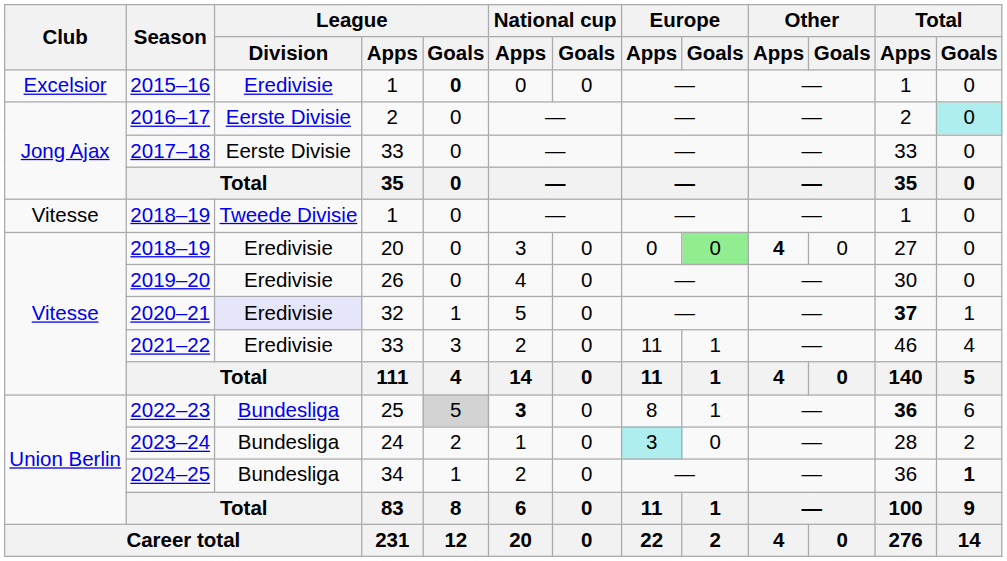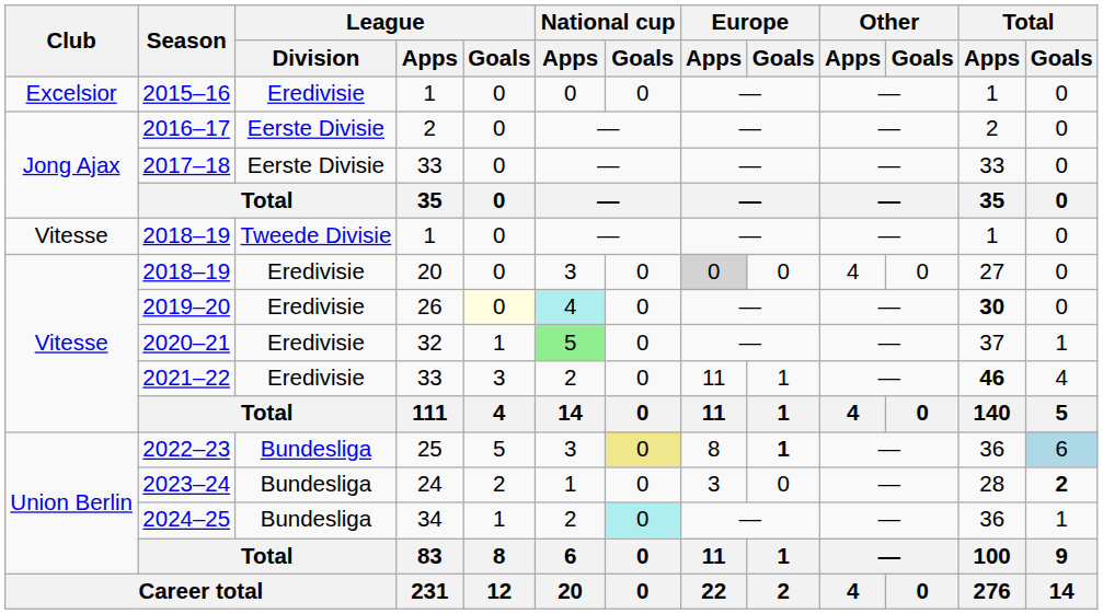 <table class="wikitable" style="text-align:center">
 <tr>
 <th rowspan="2">Club</th>
 <th rowspan="2">Season</th>
 <th colspan="3">League</th>
 <th colspan="2">National cup</th>
 <th colspan="2">Europe</th>
 <th colspan="2">Other</th>
 <th colspan="2">Total</th>
 </tr>
 <tr>
 <th>Division</th>
 <th>Apps</th>
 <th>Goals</th>
 <th>Apps</th>
 <th>Goals</th>
 <th>Apps</th>
 <th>Goals</th>
 <th>Apps</th>
 <th>Goals</th>
 <th>Apps</th>
 <th>Goals</th>
 </tr>
 <tr>
 <td><a href='#'>Excelsior</a></td>
 <td><a href='#'>2015–16</a></td>
 <td><a href='#'>Eredivisie</a></td>
 <td>1</td>
-<td><strong>0</strong></td>
+<td>0</td>
 <td>0</td>
 <td>0</td>
 <td colspan="2">—</td>
 <td colspan="2">—</td>
 <td>1</td>
 <td>0</td>
 </tr>
 <tr>
 <td rowspan="3"><a href='#'>Jong Ajax</a></td>
 <td><a href='#'>2016–17</a></td>
 <td><a href='#'>Eerste Divisie</a></td>
 <td>2</td>
 <td>0</td>
 <td colspan="2">—</td>
 <td colspan="2">—</td>
 <td colspan="2">—</td>
 <td>2</td>
-<td style="background: paleturquoise;">0</td>
+<td>0</td>
 </tr>
 <tr>
 <td><a href='#'>2017–18</a></td>
 <td>Eerste Divisie</td>
 <td>33</td>
 <td>0</td>
 <td colspan="2">—</td>
 <td colspan="2">—</td>
 <td colspan="2">—</td>
 <td>33</td>
 <td>0</td>
 </tr>
 <tr>
 <th colspan="2">Total</th>
 <th>35</th>
 <th>0</th>
 <th colspan="2">—</th>
 <th colspan="2">—</th>
 <th colspan="2">—</th>
 <th>35</th>
 <th>0</th>
 </tr>
 <tr>
 <td>Vitesse</td>
 <td><a href='#'>2018–19</a></td>
 <td><a href='#'>Tweede Divisie</a></td>
 <td>1</td>
 <td>0</td>
 <td colspan="2">—</td>
 <td colspan="2">—</td>
 <td colspan="2">—</td>
 <td>1</td>
 <td>0</td>
 </tr>
 <tr>
 <td rowspan="5"><a href='#'>Vitesse</a></td>
 <td><a href='#'>2018–19</a></td>
 <td>Eredivisie</td>
 <td>20</td>
 <td>0</td>
 <td>3</td>
 <td>0</td>
+<td style="background: lightgrey;">0</td>
 <td>0</td>
-<td style="background: lightgreen;">0</td>
-<td><strong>4</strong></td>
+<td>4</td>
 <td>0</td>
 <td>27</td>
 <td>0</td>
 </tr>
 <tr>
 <td><a href='#'>2019–20</a></td>
 <td>Eredivisie</td>
 <td>26</td>
-<td>0</td>
-<td>4</td>
+<td style="background: lightyellow;">0</td>
+<td style="background: paleturquoise;">4</td>
 <td>0</td>
 <td colspan="2">—</td>
 <td colspan="2">—</td>
-<td>30</td>
+<td><strong>30</strong></td>
 <td>0</td>
 </tr>
 <tr>
 <td><a href='#'>2020–21</a></td>
-<td style="background: lavender;">Eredivisie</td>
+<td>Eredivisie</td>
 <td>32</td>
 <td>1</td>
-<td>5</td>
+<td style="background: lightgreen;">5</td>
 <td>0</td>
 <td colspan="2">—</td>
 <td colspan="2">—</td>
-<td><strong>37</strong></td>
+<td>37</td>
 <td>1</td>
 </tr>
 <tr>
 <td><a href='#'>2021–22</a></td>
 <td>Eredivisie</td>
 <td>33</td>
 <td>3</td>
 <td>2</td>
 <td>0</td>
 <td>11</td>
 <td>1</td>
 <td colspan="2">—</td>
-<td>46</td>
+<td><strong>46</strong></td>
 <td>4</td>
 </tr>
 <tr>
 <th colspan="2">Total</th>
 <th>111</th>
 <th>4</th>
 <th>14</th>
 <th>0</th>
 <th>11</th>
 <th>1</th>
 <th>4</th>
 <th>0</th>
 <th>140</th>
 <th>5</th>
 </tr>
 <tr>
 <td rowspan="4"><a href='#'>Union Berlin</a></td>
 <td><a href='#'>2022–23</a></td>
 <td><a href='#'>Bundesliga</a></td>
 <td>25</td>
-<td style="background: lightgrey;">5</td>
-<td><strong>3</strong></td>
-<td>0</td>
+<td>5</td>
+<td>3</td>
+<td style="background: khaki;">0</td>
 <td>8</td>
-<td>1</td>
+<td><strong>1</strong></td>
 <td colspan="2">—</td>
-<td><strong>36</strong></td>
-<td>6</td>
+<td>36</td>
+<td style="background: lightblue;">6</td>
 </tr>
 <tr>
 <td><a href='#'>2023–24</a></td>
 <td>Bundesliga</td>
 <td>24</td>
 <td>2</td>
 <td>1</td>
 <td>0</td>
-<td style="background: paleturquoise;">3</td>
+<td>3</td>
 <td>0</td>
 <td colspan="2">—</td>
 <td>28</td>
-<td>2</td>
+<td><strong>2</strong></td>
 </tr>
 <tr>
 <td><a href='#'>2024–25</a></td>
 <td>Bundesliga</td>
 <td>34</td>
 <td>1</td>
 <td>2</td>
-<td>0</td>
+<td style="background: paleturquoise;">0</td>
 <td colspan="2">—</td>
 <td colspan="2">—</td>
 <td>36</td>
-<td><strong>1</strong></td>
+<td>1</td>
 </tr>
 <tr>
 <th colspan="2">Total</th>
 <th>83</th>
 <th>8</th>
 <th>6</th>
 <th>0</th>
 <th>11</th>
 <th>1</th>
 <th colspan="2">—</th>
 <th>100</th>
 <th>9</th>
 </tr>
 <tr>
 <th colspan="3">Career total</th>
 <th>231</th>
 <th>12</th>
 <th>20</th>
 <th>0</th>
 <th>22</th>
 <th>2</th>
 <th>4</th>
 <th>0</th>
 <th>276</th>
 <th>14</th>
 </tr>
 </table>
